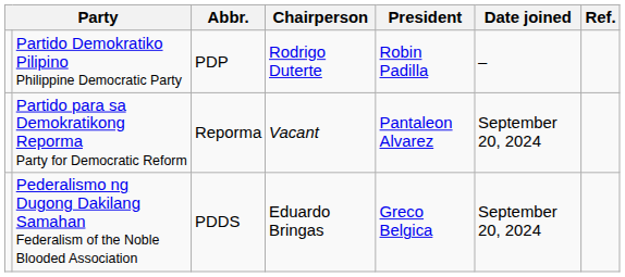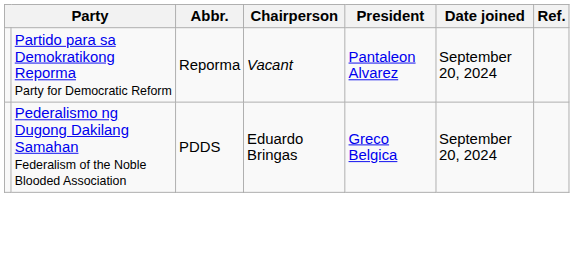 <table class="wikitable">
 <tr>
 <th colspan="2">Party</th>
 <th>Abbr.</th>
 <th>Chairperson</th>
 <th>President</th>
 <th>Date joined</th>
 <th>Ref.</th>
-</tr>
-<tr>
-<td style="background:"></td>
-<td><a href='#'>Partido Demokratiko Pilipino</a><br><small>Philippine Democratic Party</small></td>
-<td>PDP</td>
-<td><a href='#'>Rodrigo Duterte</a></td>
-<td><a href='#'>Robin Padilla</a></td>
-<td>–</td>
-<td></td>
 </tr>
 <tr>
 <td style="background:"></td>
 <td><a href='#'>Partido para sa Demokratikong Reporma</a><br><small>Party for Democratic Reform</small></td>
 <td>Reporma</td>
 <td><em>Vacant</em></td>
 <td><a href='#'>Pantaleon Alvarez</a></td>
 <td>September 20, 2024</td>
 <td></td>
 </tr>
 <tr>
 <td style="background:"></td>
 <td><a href='#'>Pederalismo ng Dugong Dakilang Samahan</a><br><small>Federalism of the Noble Blooded Association</small></td>
 <td>PDDS</td>
 <td>Eduardo Bringas</td>
 <td><a href='#'>Greco Belgica</a></td>
 <td>September 20, 2024</td>
 <td></td>
 </tr>
 </table>
